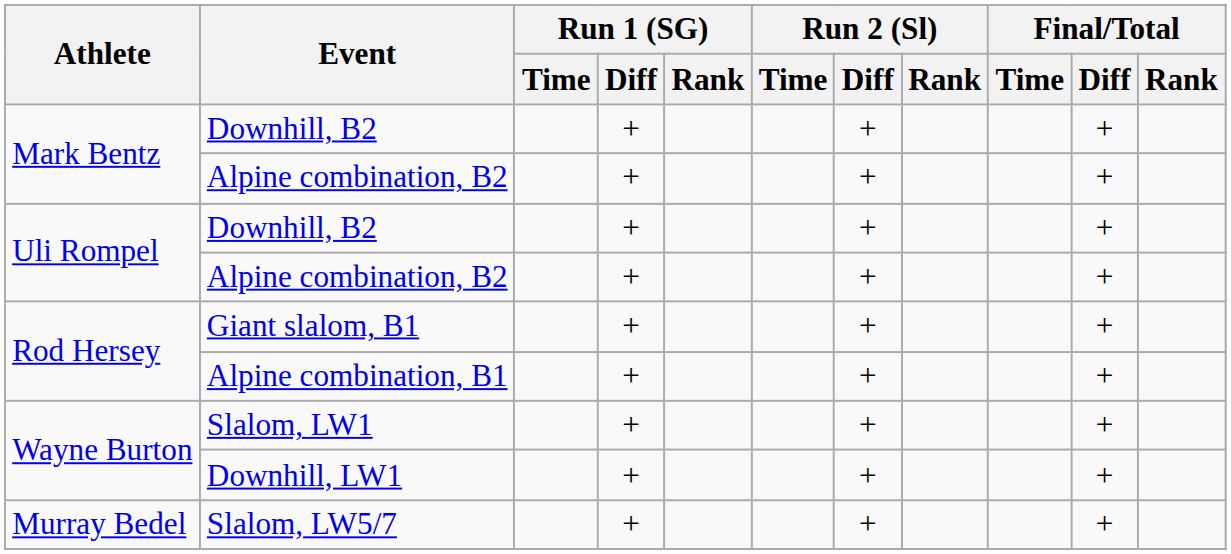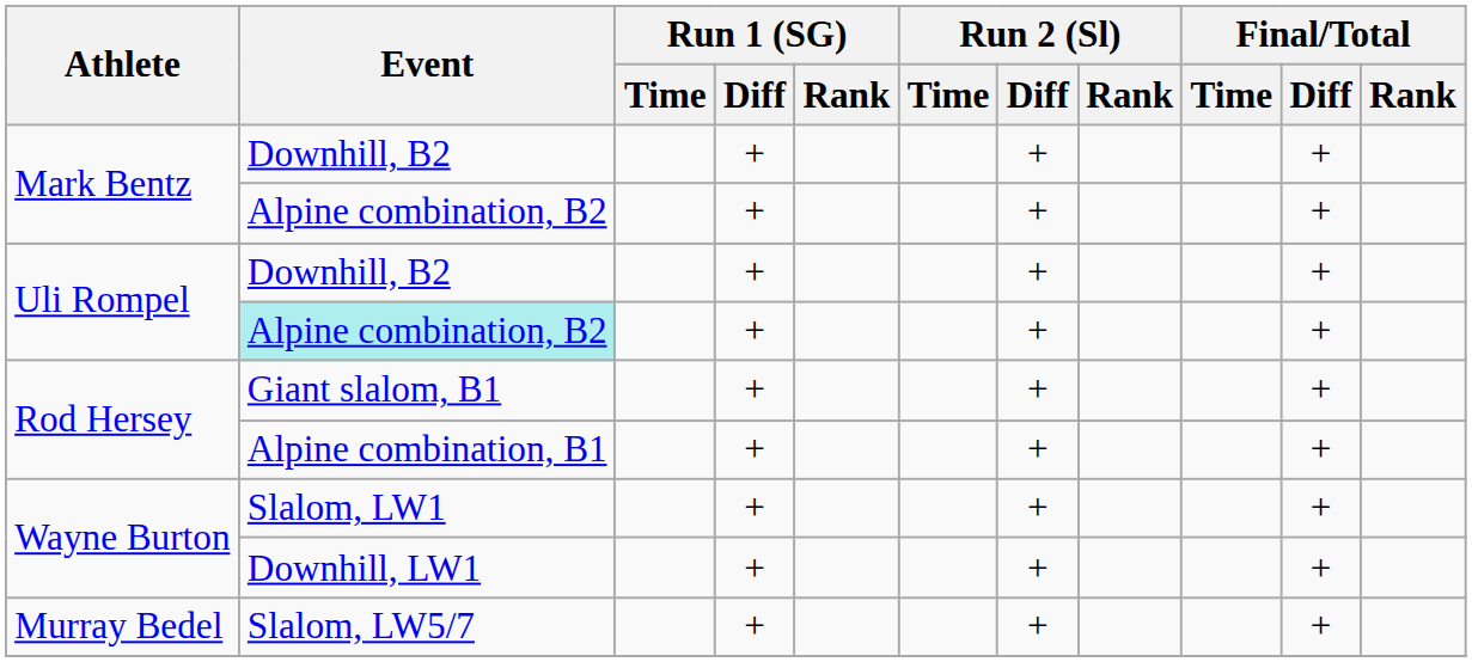 <table class="wikitable" style="font-size:100%">
 <tr>
 <th rowspan="2">Athlete</th>
 <th rowspan="2">Event</th>
 <th colspan="3">Run 1 (SG)</th>
 <th colspan="3">Run 2 (Sl)</th>
 <th colspan="3">Final/Total</th>
 </tr>
 <tr>
 <th>Time</th>
 <th>Diff</th>
 <th>Rank</th>
 <th>Time</th>
 <th>Diff</th>
 <th>Rank</th>
 <th>Time</th>
 <th>Diff</th>
 <th>Rank</th>
 </tr>
 <tr>
 <td rowspan=2><a href='#'>Mark Bentz</a></td>
 <td><a href='#'>Downhill, B2</a></td>
 <td align="center"></td>
 <td align="center">+</td>
 <td align="center"></td>
 <td align="center"></td>
 <td align="center">+</td>
 <td align="center"></td>
 <td align="center"></td>
 <td align="center">+</td>
 <td colspan="3" align="center"></td>
 </tr>
 <tr>
 <td><a href='#'>Alpine combination, B2</a></td>
 <td align="center"></td>
 <td align="center">+</td>
 <td align="center"></td>
 <td align="center"></td>
 <td align="center">+</td>
 <td align="center"></td>
 <td align="center"></td>
 <td align="center">+</td>
 <td colspan="3" align="center"></td>
 </tr>
 <tr>
 <td rowspan=2><a href='#'>Uli Rompel</a></td>
 <td><a href='#'>Downhill, B2</a></td>
 <td align="center"></td>
 <td align="center">+</td>
 <td align="center"></td>
 <td align="center"></td>
 <td align="center">+</td>
 <td align="center"></td>
 <td align="center"></td>
 <td align="center">+</td>
 <td align="center"></td>
 </tr>
 <tr>
-<td><a href='#'>Alpine combination, B2</a></td>
+<td style="background: paleturquoise;"><a href='#'>Alpine combination, B2</a></td>
 <td align="center"></td>
 <td align="center">+</td>
 <td align="center"></td>
 <td align="center"></td>
 <td align="center">+</td>
 <td align="center"></td>
 <td align="center"></td>
 <td align="center">+</td>
 <td align="center"></td>
 </tr>
 <tr>
 <td rowspan=2><a href='#'>Rod Hersey</a></td>
 <td><a href='#'>Giant slalom, B1</a></td>
 <td align="center"></td>
 <td align="center">+</td>
 <td align="center"></td>
 <td align="center"></td>
 <td align="center">+</td>
 <td align="center"></td>
 <td align="center"></td>
 <td align="center">+</td>
 <td align="center"></td>
 </tr>
 <tr>
 <td><a href='#'>Alpine combination, B1</a></td>
 <td align="center"></td>
 <td align="center">+</td>
 <td align="center"></td>
 <td align="center"></td>
 <td align="center">+</td>
 <td align="center"></td>
 <td align="center"></td>
 <td align="center">+</td>
 <td align="center"></td>
 </tr>
 <tr>
 <td rowspan=2><a href='#'>Wayne Burton</a></td>
 <td><a href='#'>Slalom, LW1</a></td>
 <td align="center"></td>
 <td align="center">+</td>
 <td align="center"></td>
 <td align="center"></td>
 <td align="center">+</td>
 <td align="center"></td>
 <td align="center"></td>
 <td align="center">+</td>
 <td align="center"></td>
 </tr>
 <tr>
 <td><a href='#'>Downhill, LW1</a></td>
 <td align="center"></td>
 <td align="center">+</td>
 <td align="center"></td>
 <td align="center"></td>
 <td align="center">+</td>
 <td align="center"></td>
 <td align="center"></td>
 <td align="center">+</td>
 <td align="center"></td>
 </tr>
 <tr>
 <td rowspan=1><a href='#'>Murray Bedel</a></td>
 <td><a href='#'>Slalom, LW5/7</a></td>
 <td align="center"></td>
 <td align="center">+</td>
 <td align="center"></td>
 <td align="center"></td>
 <td align="center">+</td>
 <td align="center"></td>
 <td align="center"></td>
 <td align="center">+</td>
 <td align="center"></td>
 </tr>
 <tr>
 </tr>
 </table>
